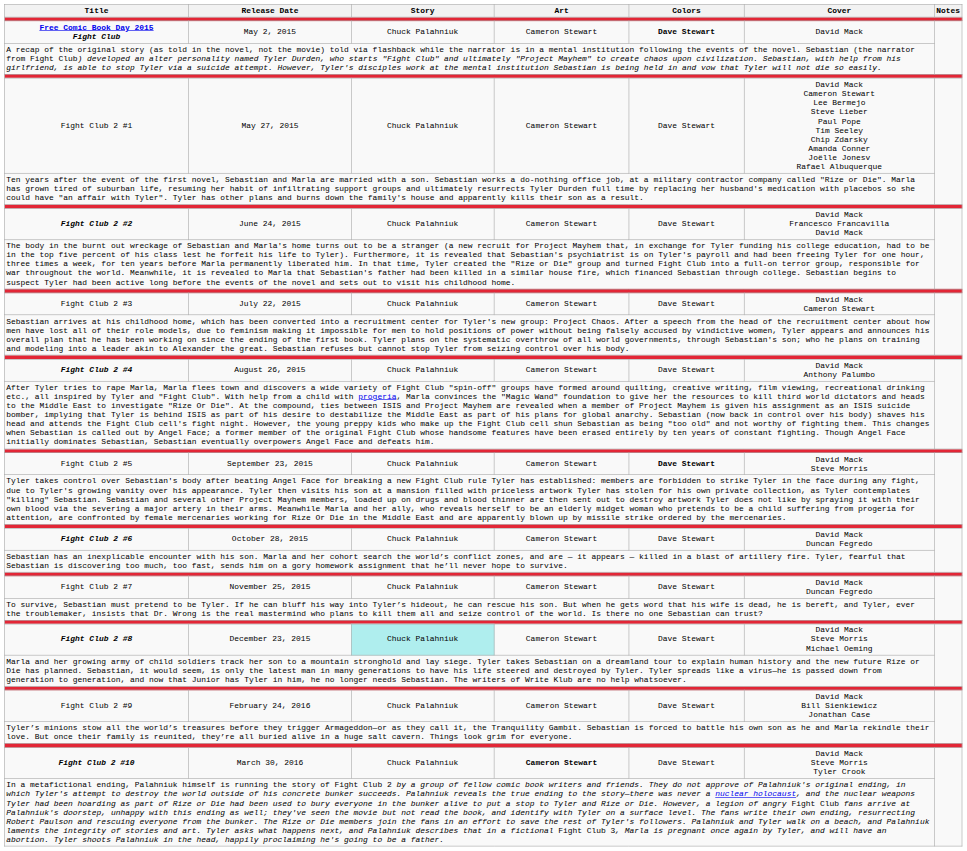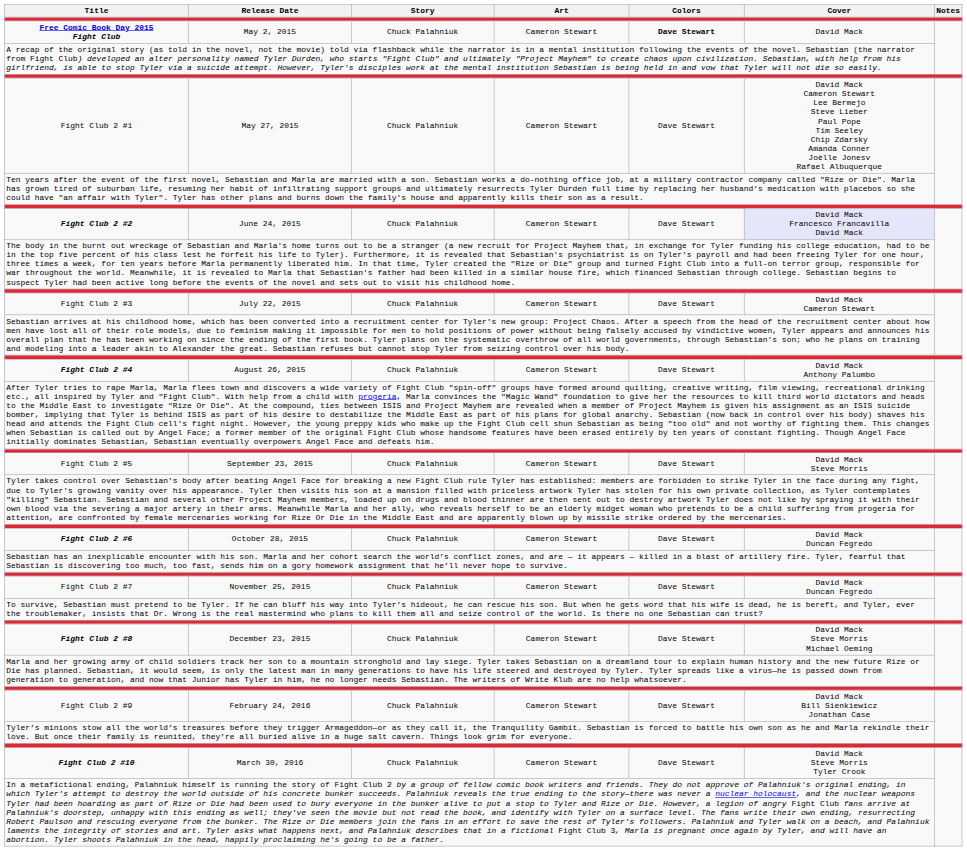 <table class="wikitable">
 <tr>
 <th>Title</th>
 <th>Release Date</th>
 <th>Story</th>
 <th>Art</th>
 <th>Colors</th>
 <th>Cover</th>
 <th>Notes</th>
 </tr>
 <tr>
 <td colspan=7 style=background:#e32636></td>
 </tr>
 <tr align=center>
 <td><strong><a href='#'>Free Comic Book Day 2015</a><br><em>Fight Club<strong><em></td>
 <td>May 2, 2015</td>
 <td>Chuck Palahniuk</td>
 <td>Cameron Stewart</td>
 <td><strong>Dave Stewart</strong></td>
 <td>David Mack</td>
 <td rowspan=2></td>
 </tr>
 <tr>
 <td colspan=6>A recap of the original story (as told in the novel, not the movie) told via flashback while the narrator is in a mental institution following the events of the novel. Sebastian (the narrator from </em>Fight Club<em>) developed an alter personality named Tyler Durden, who starts "Fight Club" and ultimately "Project Mayhem" to create chaos upon civilization. Sebastian, with help from his girlfriend, is able to stop Tyler via a suicide attempt. However, Tyler's disciples work at the mental institution Sebastian is being held in and vow that Tyler will not die so easily.</td>
 </tr>
 <tr>
 <td colspan=7 style=background:#e32636></td>
 </tr>
 <tr align=center>
 <td></em></strong>Fight Club 2</em> #1</strong></td>
 <td>May 27, 2015</td>
 <td>Chuck Palahniuk</td>
 <td>Cameron Stewart</td>
 <td>Dave Stewart</td>
 <td>David Mack<br>Cameron Stewart <br>Lee Bermejo <br>Steve Lieber <br>Paul Pope <br>Tim Seeley <br>Chip Zdarsky <br>Amanda Conner <br>Joëlle Jonesv<br>Rafael Albuquerque </td>
 <td rowspan=2></td>
 </tr>
 <tr>
 <td colspan=6>Ten years after the event of the first novel, Sebastian and Marla are married with a son. Sebastian works a do-nothing office job, at a military contractor company called "Rize or Die". Marla has grown tired of suburban life, resuming her habit of infiltrating support groups and ultimately resurrects Tyler Durden full time by replacing her husband's medication with placebos so she could have "an affair with Tyler". Tyler has other plans and burns down the family's house and apparently kills their son as a result.</td>
 </tr>
 <tr>
 <td colspan=7 style=background:#e32636></td>
 </tr>
 <tr align=center>
 <td><strong><em>Fight Club 2<em> #2<strong></td>
 <td>June 24, 2015</td>
 <td>Chuck Palahniuk</td>
 <td>Cameron Stewart</td>
 <td>Dave Stewart</td>
-<td>David Mack<br>Francesco Francavilla <br>David Mack </td>
+<td style="background: lavender;">David Mack<br>Francesco Francavilla <br>David Mack </td>
 <td rowspan=2></td>
 </tr>
 <tr>
 <td colspan=6>The body in the burnt out wreckage of Sebastian and Marla's home turns out to be a stranger (a new recruit for Project Mayhem that, in exchange for Tyler funding his college education, had to be in the top five percent of his class lest he forfeit his life to Tyler). Furthermore, it is revealed that Sebastian's psychiatrist is on Tyler's payroll and had been freeing Tyler for one hour, three times a week, for ten years before Marla permanently liberated him. In that time, Tyler created the "Rize or Die" group and turned Fight Club into a full-on terror group, responsible for war throughout the world. Meanwhile, it is revealed to Marla that Sebastian's father had been killed in a similar house fire, which financed Sebastian through college. Sebastian begins to suspect Tyler had been active long before the events of the novel and sets out to visit his childhood home.</td>
 </tr>
 <tr>
 <td colspan=7 style=background:#e32636></td>
 </tr>
 <tr align=center>
 <td></em></strong>Fight Club 2</em> #3</strong></td>
 <td>July 22, 2015</td>
 <td>Chuck Palahniuk</td>
 <td>Cameron Stewart</td>
 <td>Dave Stewart</td>
 <td>David Mack<br>Cameron Stewart </td>
 <td rowspan=2></td>
 </tr>
 <tr>
 <td colspan=6>Sebastian arrives at his childhood home, which has been converted into a recruitment center for Tyler's new group: Project Chaos. After a speech from the head of the recruitment center about how men have lost all of their role models, due to feminism making it impossible for men to hold positions of power without being falsely accused by vindictive women, Tyler appears and announces his overall plan that he has been working on since the ending of the first book. Tyler plans on the systematic overthrow of all world governments, through Sebastian's son; who he plans on training and modeling into a leader akin to Alexander the great. Sebastian refuses but cannot stop Tyler from seizing control over his body.</td>
 </tr>
 <tr>
 <td colspan=7 style=background:#e32636></td>
 </tr>
 <tr align=center>
 <td><strong><em>Fight Club 2<em> #4<strong></td>
 <td>August 26, 2015</td>
 <td>Chuck Palahniuk</td>
 <td>Cameron Stewart</td>
 <td>Dave Stewart</td>
 <td>David Mack<br>Anthony Palumbo </td>
 <td rowspan=2></td>
 </tr>
 <tr>
 <td colspan=6>After Tyler tries to rape Marla, Marla flees town and discovers a wide variety of Fight Club "spin-off" groups have formed around quilting, creative writing, film viewing, recreational drinking etc., all inspired by Tyler and "Fight Club". With help from a child with <a href='#'>progeria</a>, Marla convinces the "Magic Wand" foundation to give her the resources to kill third world dictators and heads to the Middle East to investigate "Rize Or Die". At the compound, ties between ISIS and Project Mayhem are revealed when a member of Project Mayhem is given his assignment as an ISIS suicide bomber, implying that Tyler is behind ISIS as part of his desire to destabilize the Middle East as part of his plans for global anarchy. Sebastian (now back in control over his body) shaves his head and attends the Fight Club cell's fight night. However, the young preppy kids who make up the Fight Club cell shun Sebastian as being "too old" and not worthy of fighting them. This changes when Sebastian is called out by Angel Face; a former member of the original Fight Club whose handsome features have been erased entirely by ten years of constant fighting. Though Angel Face initially dominates Sebastian, Sebastian eventually overpowers Angel Face and defeats him.</td>
 </tr>
 <tr>
 <td colspan=7 style=background:#e32636></td>
 </tr>
 <tr align=center>
 <td></em></strong>Fight Club 2</em> #5</strong></td>
 <td>September 23, 2015</td>
 <td>Chuck Palahniuk</td>
 <td>Cameron Stewart</td>
-<td><strong>Dave Stewart</strong></td>
+<td>Dave Stewart</td>
 <td>David Mack<br>Steve Morris </td>
 <td rowspan=2></td>
 </tr>
 <tr>
 <td colspan=6>Tyler takes control over Sebastian's body after beating Angel Face for breaking a new Fight Club rule Tyler has established: members are forbidden to strike Tyler in the face during any fight, due to Tyler's growing vanity over his appearance. Tyler then visits his son at a mansion filled with priceless artwork Tyler has stolen for his own private collection, as Tyler contemplates "killing" Sebastian. Sebastian and several other Project Mayhem members, loaded up on drugs and blood thinner are then sent out to destroy artwork Tyler does not like by spraying it with their own blood via the severing a major artery in their arms. Meanwhile Marla and her ally, who reveals herself to be an elderly midget woman who pretends to be a child suffering from progeria for attention, are confronted by female mercenaries working for Rize Or Die in the Middle East and are apparently blown up by missile strike ordered by the mercenaries.</td>
 </tr>
 <tr>
 <td colspan=7 style=background:#e32636></td>
 </tr>
 <tr align=center>
 <td><strong><em>Fight Club 2<em> #6<strong></td>
 <td>October 28, 2015</td>
 <td>Chuck Palahniuk</td>
 <td>Cameron Stewart</td>
 <td>Dave Stewart</td>
 <td>David Mack<br>Duncan Fegredo </td>
 <td rowspan=2></td>
 </tr>
 <tr>
 <td colspan=6>Sebastian has an inexplicable encounter with his son. Marla and her cohort search the world’s conflict zones, and are — it appears — killed in a blast of artillery fire. Tyler, fearful that Sebastian is discovering too much, too fast, sends him on a gory homework assignment that he’ll never hope to survive.</td>
 </tr>
 <tr>
 <td colspan=7 style=background:#e32636></td>
 </tr>
 <tr align=center>
 <td></em></strong>Fight Club 2</em> #7</strong></td>
 <td>November 25, 2015</td>
 <td>Chuck Palahniuk</td>
 <td>Cameron Stewart</td>
 <td>Dave Stewart</td>
 <td>David Mack<br>Duncan Fegredo </td>
 <td rowspan=2></td>
 </tr>
 <tr>
 <td colspan=6>To survive, Sebastian must pretend to be Tyler. If he can bluff his way into Tyler’s hideout, he can rescue his son. But when he gets word that his wife is dead, he is bereft, and Tyler, ever the troublemaker, insists that Dr. Wrong is the real mastermind who plans to kill them all and seize control of the world. Is there no one Sebastian can trust?</td>
 </tr>
 <tr>
 <td colspan=7 style=background:#e32636></td>
 </tr>
 <tr align=center>
 <td><strong><em>Fight Club 2<em> #8<strong></td>
 <td>December 23, 2015</td>
-<td style="background: paleturquoise;">Chuck Palahniuk</td>
+<td>Chuck Palahniuk</td>
 <td>Cameron Stewart</td>
 <td>Dave Stewart</td>
 <td>David Mack<br>Steve Morris <br>Michael Oeming </td>
 <td rowspan=2></td>
 </tr>
 <tr>
 <td colspan=6>Marla and her growing army of child soldiers track her son to a mountain stronghold and lay siege. Tyler takes Sebastian on a dreamland tour to explain human history and the new future Rize or Die has planned. Sebastian, it would seem, is only the latest man in many generations to have his life steered and destroyed by Tyler. Tyler spreads like a virus—he is passed down from generation to generation, and now that Junior has Tyler in him, he no longer needs Sebastian. The writers of Write Klub are no help whatsoever.</td>
 </tr>
 <tr>
 <td colspan=7 style=background:#e32636></td>
 </tr>
 <tr align=center>
 <td></em></strong>Fight Club 2</em> #9</strong></td>
 <td>February 24, 2016</td>
 <td>Chuck Palahniuk</td>
 <td>Cameron Stewart</td>
 <td>Dave Stewart</td>
 <td>David Mack<br>Bill Sienkiewicz <br>Jonathan Case </td>
 <td rowspan=2></td>
 </tr>
 <tr>
 <td colspan=6>Tyler’s minions stow all the world’s treasures before they trigger Armageddon—or as they call it, the Tranquility Gambit. Sebastian is forced to battle his own son as he and Marla rekindle their love. But once their family is reunited, they’re all buried alive in a huge salt cavern. Things look grim for everyone.</td>
 </tr>
 <tr>
 <td colspan=7 style=background:#e32636></td>
 </tr>
 <tr align=center>
 <td><strong><em>Fight Club 2<em> #10<strong></td>
 <td>March 30, 2016</td>
 <td>Chuck Palahniuk</td>
-<td><strong>Cameron Stewart</strong></td>
+<td>Cameron Stewart</td>
 <td>Dave Stewart</td>
 <td>David Mack<br>Steve Morris <br>Tyler Crook </td>
 <td rowspan=2></td>
 </tr>
 <tr>
 <td colspan=6>In a metafictional ending, Palahniuk himself is running the story of </em>Fight Club 2<em> by a group of fellow comic book writers and friends. They do not approve of Palahniuk's original ending, in which Tyler's attempt to destroy the world outside of his concrete bunker succeeds. Palahniuk reveals the true ending to the story—there was never a <a href='#'>nuclear holocaust</a>, and the nuclear weapons Tyler had been hoarding as part of Rize or Die had been used to bury everyone in the bunker alive to put a stop to Tyler and Rize or Die. However, a legion of angry </em>Fight Club<em> fans arrive at Palahniuk's doorstep, unhappy with this ending as well; they've seen the movie but not read the book, and identify with Tyler on a surface level. The fans write their own ending, resurrecting Robert Paulson and rescuing everyone from the bunker. The Rize or Die members join the fans in an effort to save the rest of Tyler's followers. Palahniuk and Tyler walk on a beach, and Palahniuk laments the integrity of stories and art. Tyler asks what happens next, and Palahniuk describes that in a fictional </em>Fight Club 3<em>, Marla is pregnant once again by Tyler, and will have an abortion. Tyler shoots Palahniuk in the head, happily proclaiming he's going to be a father.</td>
 </tr>
 </table>
